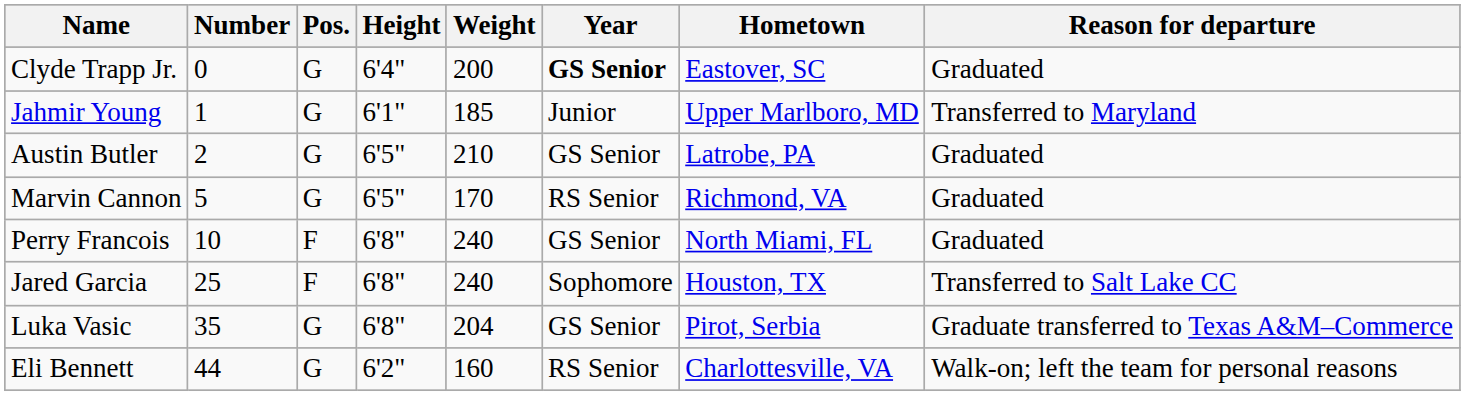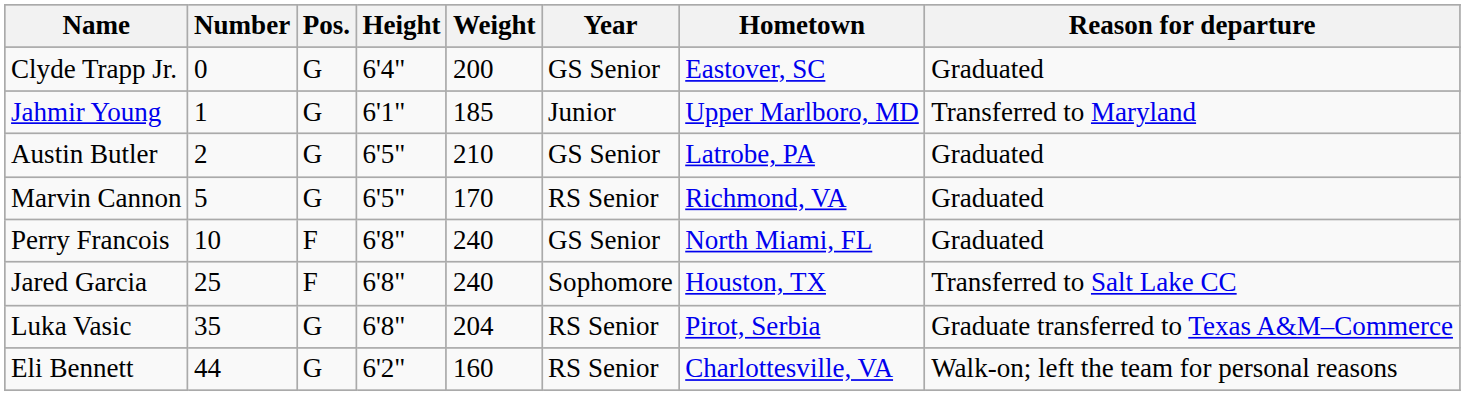 <table class="wikitable sortable" border="1">
 <tr>
 <th>Name</th>
 <th>Number</th>
 <th>Pos.</th>
 <th>Height</th>
 <th>Weight</th>
 <th>Year</th>
 <th>Hometown</th>
 <th>Reason for departure</th>
 </tr>
 <tr>
 <td>Clyde Trapp Jr.</td>
 <td>0</td>
 <td>G</td>
 <td>6'4"</td>
 <td>200</td>
-<td><strong>GS Senior</strong></td>
+<td>GS Senior</td>
 <td><a href='#'>Eastover, SC</a></td>
 <td>Graduated</td>
 </tr>
 <tr>
 <td><a href='#'>Jahmir Young</a></td>
 <td>1</td>
 <td>G</td>
 <td>6'1"</td>
 <td>185</td>
 <td>Junior</td>
 <td><a href='#'>Upper Marlboro, MD</a></td>
 <td>Transferred to <a href='#'>Maryland</a></td>
 </tr>
 <tr>
 <td>Austin Butler</td>
 <td>2</td>
 <td>G</td>
 <td>6'5"</td>
 <td>210</td>
 <td>GS Senior</td>
 <td><a href='#'>Latrobe, PA</a></td>
 <td>Graduated</td>
 </tr>
 <tr>
 <td>Marvin Cannon</td>
 <td>5</td>
 <td>G</td>
 <td>6'5"</td>
 <td>170</td>
 <td>RS Senior</td>
 <td><a href='#'>Richmond, VA</a></td>
 <td>Graduated</td>
 </tr>
 <tr>
 <td>Perry Francois</td>
 <td>10</td>
 <td>F</td>
 <td>6'8"</td>
 <td>240</td>
 <td>GS Senior</td>
 <td><a href='#'>North Miami, FL</a></td>
 <td>Graduated</td>
 </tr>
 <tr>
 <td>Jared Garcia</td>
 <td>25</td>
 <td>F</td>
 <td>6'8"</td>
 <td>240</td>
 <td>Sophomore</td>
 <td><a href='#'>Houston, TX</a></td>
 <td>Transferred to <a href='#'>Salt Lake CC</a></td>
 </tr>
 <tr>
 <td>Luka Vasic</td>
 <td>35</td>
 <td>G</td>
 <td>6'8"</td>
 <td>204</td>
-<td>GS Senior</td>
+<td>RS Senior</td>
 <td><a href='#'>Pirot, Serbia</a></td>
 <td>Graduate transferred to <a href='#'>Texas A&M–Commerce</a></td>
 </tr>
 <tr>
 <td>Eli Bennett</td>
 <td>44</td>
 <td>G</td>
 <td>6'2"</td>
 <td>160</td>
 <td>RS Senior</td>
 <td><a href='#'>Charlottesville, VA</a></td>
 <td>Walk-on; left the team for personal reasons</td>
 </tr>
 </table>
